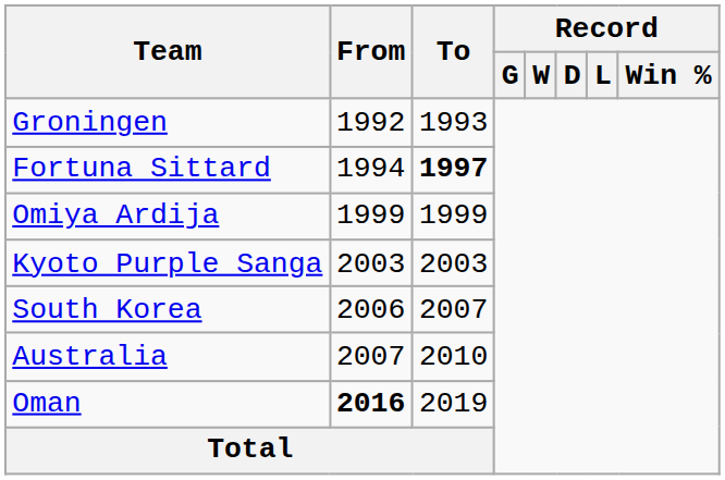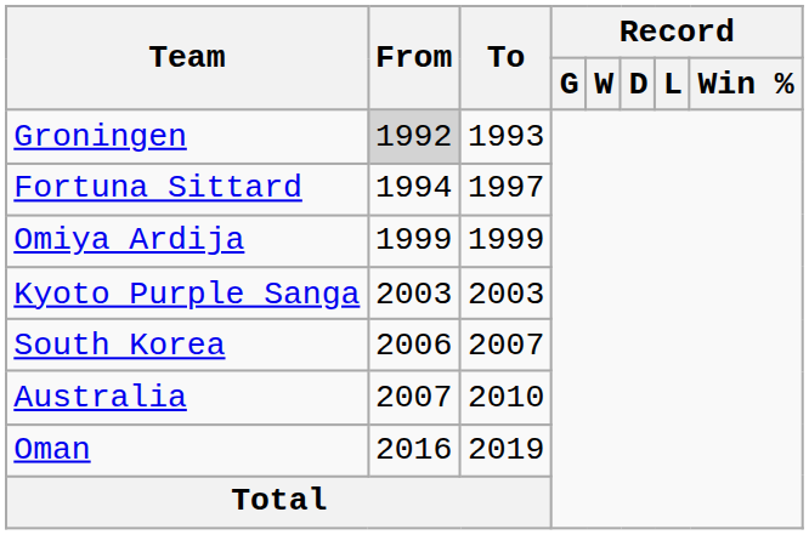 <table class="wikitable" style="text-align: center">
 <tr>
 <th rowspan="2">Team</th>
 <th rowspan="2">From</th>
 <th rowspan="2">To</th>
 <th colspan="5">Record</th>
 </tr>
 <tr>
 <th>G</th>
 <th>W</th>
 <th>D</th>
 <th>L</th>
 <th>Win %</th>
 </tr>
 <tr>
 <td align="left"><a href='#'>Groningen</a></td>
-<td align="left">1992</td>
+<td align="left" style="background: lightgrey;">1992</td>
 <td align="left">1993<br></td>
 </tr>
 <tr>
 <td align="left"><a href='#'>Fortuna Sittard</a></td>
 <td align="left">1994</td>
-<td align="left"><strong>1997<br></strong></td>
+<td align="left">1997<br></td>
 </tr>
 <tr>
 <td align="left"><a href='#'>Omiya Ardija</a></td>
 <td align="left">1999</td>
 <td align="left">1999<br></td>
 </tr>
 <tr>
 <td align="left"><a href='#'>Kyoto Purple Sanga</a></td>
 <td align="left">2003</td>
 <td align="left">2003<br></td>
 </tr>
 <tr>
 <td align="left"><a href='#'>South Korea</a></td>
 <td align="left">2006</td>
 <td align="left">2007<br></td>
 </tr>
 <tr>
 <td align="left"><a href='#'>Australia</a></td>
 <td align="left">2007</td>
 <td align="left">2010<br></td>
 </tr>
 <tr>
 <td align="left"><a href='#'>Oman</a></td>
-<td align="left"><strong>2016</strong></td>
+<td align="left">2016</td>
 <td align="left">2019<br></td>
 </tr>
 <tr>
 <th colspan="3">Total<br></th>
 </tr>
 </table>
